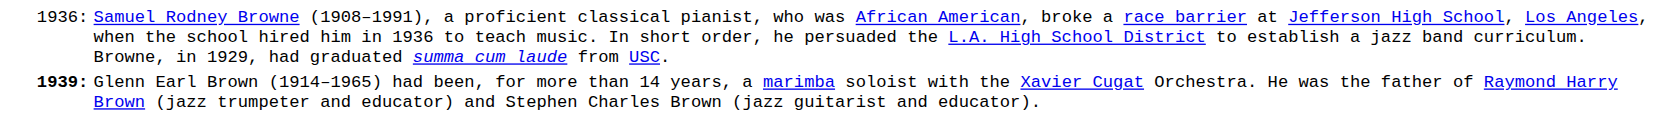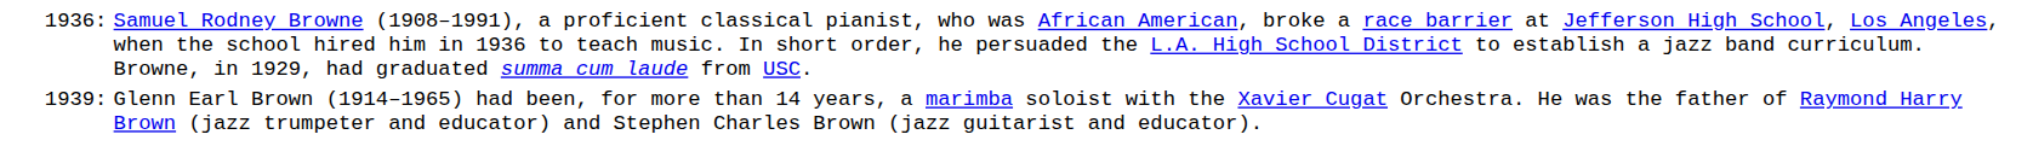 <table valign="top"; border="0" cellpadding="1" style="color:black; background-color: #FFFFFF">
 <tr valign="top">
 <td width="5%" style="text-align:right">1936:</td>
 <td width="95%" style="text-align:left"><a href='#'>Samuel Rodney Browne</a> (1908–1991), a proficient classical pianist, who was <a href='#'>African American</a>, broke a <a href='#'>race barrier</a> at <a href='#'>Jefferson High School</a>, <a href='#'>Los Angeles</a>, when the school hired him in 1936 to teach music. In short order, he persuaded the <a href='#'>L.A. High School District</a> to establish a jazz band curriculum.  Browne, in 1929, had graduated <em><a href='#'>summa cum laude</a></em> from <a href='#'>USC</a>.</td>
 </tr>
 <tr valign="top">
-<td width="5%" style="text-align:right"><strong>1939:</strong></td>
+<td width="5%" style="text-align:right">1939:</td>
 <td width="95%" style="text-align:left">Glenn Earl Brown (1914–1965) had been, for more than 14 years, a <a href='#'>marimba</a> soloist with the <a href='#'>Xavier Cugat</a> Orchestra.  He was the father of <a href='#'>Raymond Harry Brown</a> (jazz trumpeter and educator) and Stephen Charles Brown (jazz guitarist and educator).</td>
 </tr>
 </table>
